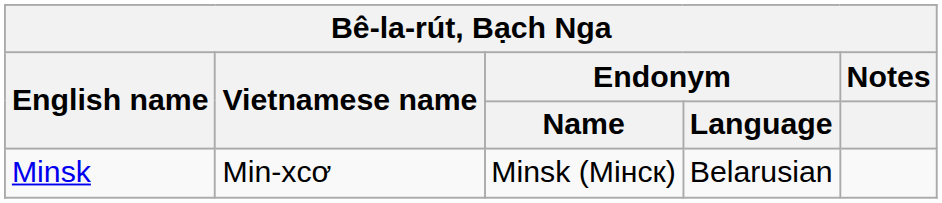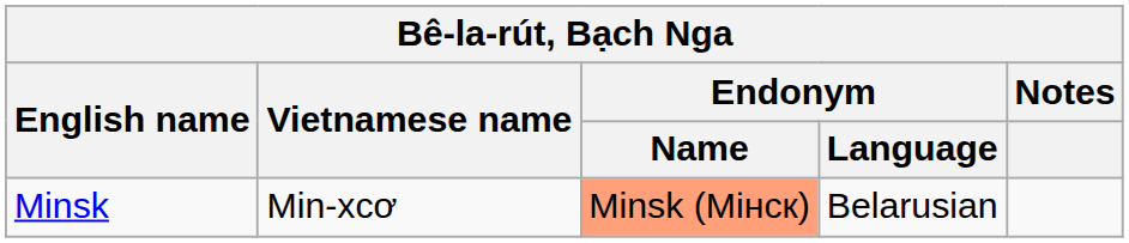 <table class="wikitable sortable">
 <tr>
 <th colspan="5"> Bê-la-rút, Bạch Nga</th>
 </tr>
 <tr>
 <th rowspan="2">English name</th>
 <th rowspan="2">Vietnamese name</th>
 <th colspan="2">Endonym</th>
 <th>Notes</th>
 </tr>
 <tr>
 <th>Name</th>
 <th>Language</th>
 <th></th>
 </tr>
 <tr>
 <td><a href='#'>Minsk</a></td>
 <td>Min-xcơ</td>
-<td>Minsk (Мінск)</td>
+<td style="background: lightsalmon;">Minsk (Мінск)</td>
 <td>Belarusian</td>
 <td></td>
 </tr>
 </table>
